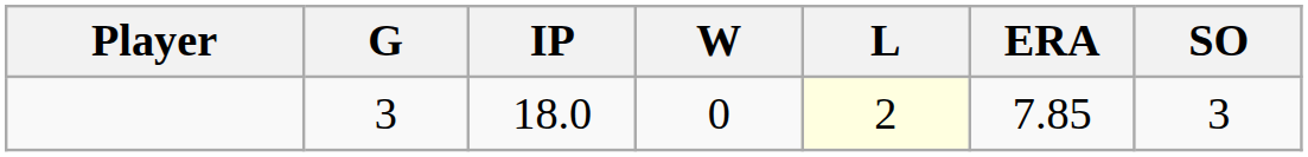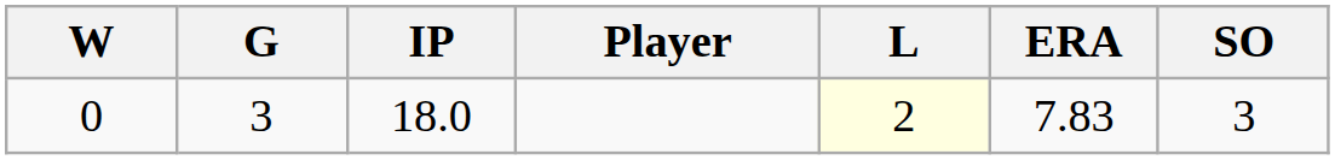 <table class="wikitable sortable">
 <tr>
-<th bgcolor="#DDDDFF" width="16%">Player</th>
+<th bgcolor="#DDDDFF" width="9%">W</th>
 <th bgcolor="#DDDDFF" width="9%">G</th>
 <th bgcolor="#DDDDFF" width="9%">IP</th>
-<th bgcolor="#DDDDFF" width="9%">W</th>
+<th bgcolor="#DDDDFF" width="16%">Player</th>
 <th bgcolor="#DDDDFF" width="9%">L</th>
 <th bgcolor="#DDDDFF" width="9%">ERA</th>
 <th bgcolor="#DDDDFF" width="9%">SO</th>
 </tr>
 <tr align="center">
-<td></td>
+<td>0</td>
 <td>3</td>
 <td>18.0</td>
-<td>0</td>
+<td></td>
 <td style="background: lightyellow;">2</td>
-<td>7.85</td>
+<td>7.83</td>
 <td>3</td>
 </tr>
 </table>
